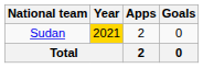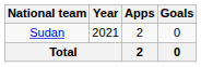 <table class="wikitable" style="text-align:center">
 <tr>
 <th>National team</th>
 <th>Year</th>
 <th>Apps</th>
 <th>Goals</th>
 </tr>
 <tr>
 <td rowspan="1"><a href='#'>Sudan</a></td>
-<td style="background: gold;">2021</td>
+<td>2021</td>
 <td>2</td>
 <td>0</td>
 </tr>
 <tr>
 <th colspan=2>Total</th>
 <th>2</th>
 <th>0</th>
 </tr>
 </table>
